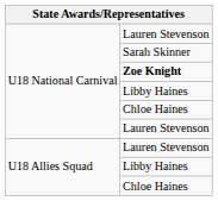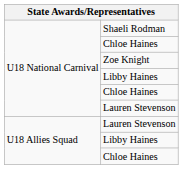 <table class="wikitable">
 <tr>
 <th colspan="2">State Awards/Representatives</th>
 </tr>
 <tr>
 <td rowspan="6">U18 National Carnival</td>
-<td>Lauren Stevenson</td>
+<td>Shaeli Rodman</td>
 </tr>
 <tr>
-<td>Sarah Skinner</td>
+<td>Chloe Haines</td>
 </tr>
 <tr>
-<td><strong>Zoe Knight</strong></td>
+<td>Zoe Knight</td>
 </tr>
 <tr>
 <td>Libby Haines</td>
 </tr>
 <tr>
 <td>Chloe Haines</td>
 </tr>
 <tr>
 <td>Lauren Stevenson</td>
 </tr>
 <tr>
 <td rowspan="3">U18 Allies Squad</td>
 <td>Lauren Stevenson</td>
 </tr>
 <tr>
 <td>Libby Haines</td>
 </tr>
 <tr>
 <td>Chloe Haines</td>
 </tr>
 </table>
